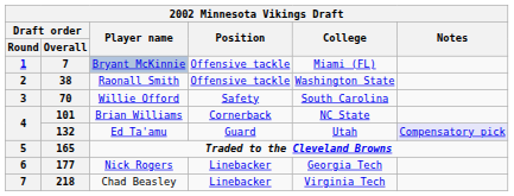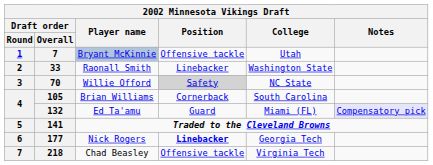 <table class="wikitable" style="text-align:center">
 <tr>
 <th colspan="6">2002 Minnesota Vikings Draft</th>
 </tr>
 <tr>
 <th colspan="2">Draft order</th>
 <th rowspan="2">Player name</th>
 <th rowspan="2">Position</th>
 <th rowspan="2">College</th>
 <th rowspan="2">Notes</th>
 </tr>
 <tr>
 <th>Round</th>
 <th>Overall</th>
 </tr>
 <tr>
 <th><a href='#'>1</a></th>
 <th>7</th>
 <td bgcolor=lightsteelblue><a href='#'>Bryant McKinnie</a></td>
 <td><a href='#'>Offensive tackle</a></td>
-<td><a href='#'>Miami (FL)</a></td>
+<td><a href='#'>Utah</a></td>
 <td></td>
 </tr>
 <tr>
 <th>2</th>
-<th>38</th>
+<th>33</th>
 <td><a href='#'>Raonall Smith</a></td>
-<td><a href='#'>Offensive tackle</a></td>
+<td><a href='#'>Linebacker</a></td>
 <td><a href='#'>Washington State</a></td>
 <td></td>
 </tr>
 <tr>
 <th>3</th>
 <th>70</th>
 <td><a href='#'>Willie Offord</a></td>
-<td><a href='#'>Safety</a></td>
-<td><a href='#'>South Carolina</a></td>
+<td style="background: lightgrey;"><a href='#'>Safety</a></td>
+<td><a href='#'>NC State</a></td>
 <td></td>
 </tr>
 <tr>
 <th rowspan="2">4</th>
-<th>101</th>
+<th>105</th>
 <td><a href='#'>Brian Williams</a></td>
 <td><a href='#'>Cornerback</a></td>
-<td><a href='#'>NC State</a></td>
+<td><a href='#'>South Carolina</a></td>
 <td></td>
 </tr>
 <tr>
 <th>132</th>
 <td><a href='#'>Ed Ta'amu</a></td>
 <td><a href='#'>Guard</a></td>
-<td><a href='#'>Utah</a></td>
+<td><a href='#'>Miami (FL)</a></td>
 <td style="background: lavender;"><a href='#'>Compensatory pick</a></td>
 </tr>
 <tr>
 <th>5</th>
-<th>165</th>
+<th>141</th>
 <td colspan="4"><strong><em>Traded to the <a href='#'>Cleveland Browns</a></em></strong></td>
 </tr>
 <tr>
 <th>6</th>
 <th>177</th>
 <td><a href='#'>Nick Rogers</a></td>
-<td><a href='#'>Linebacker</a></td>
+<td><strong><a href='#'>Linebacker</a></strong></td>
 <td><a href='#'>Georgia Tech</a></td>
 <td></td>
 </tr>
 <tr>
 <th>7</th>
 <th>218</th>
 <td>Chad Beasley</td>
-<td><a href='#'>Linebacker</a></td>
+<td><a href='#'>Offensive tackle</a></td>
 <td><a href='#'>Virginia Tech</a></td>
 <td></td>
 </tr>
 </table>
